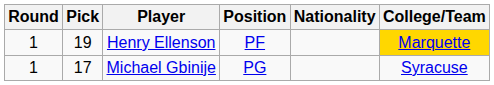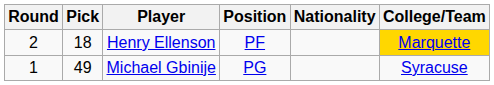 <table class="wikitable sortable sortable">
 <tr>
 <th>Round</th>
 <th>Pick</th>
 <th>Player</th>
 <th>Position</th>
 <th>Nationality</th>
 <th>College/Team</th>
 </tr>
 <tr style="text-align: center">
-<td>1</td>
-<td>19</td>
+<td>2</td>
+<td>18</td>
 <td><a href='#'>Henry Ellenson</a></td>
 <td><a href='#'>PF</a></td>
 <td></td>
 <td style="background: gold;"><a href='#'>Marquette</a></td>
 </tr>
 <tr style="text-align: center">
 <td>1</td>
-<td>17</td>
+<td>49</td>
 <td><a href='#'>Michael Gbinije</a></td>
 <td><a href='#'>PG</a></td>
 <td></td>
 <td><a href='#'>Syracuse</a></td>
 </tr>
 </table>
